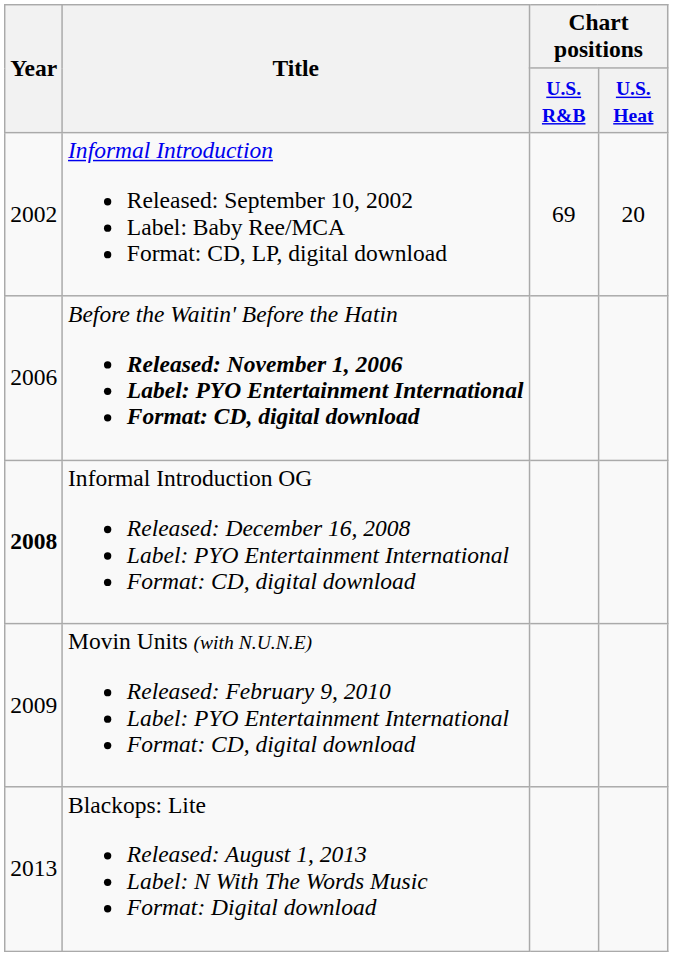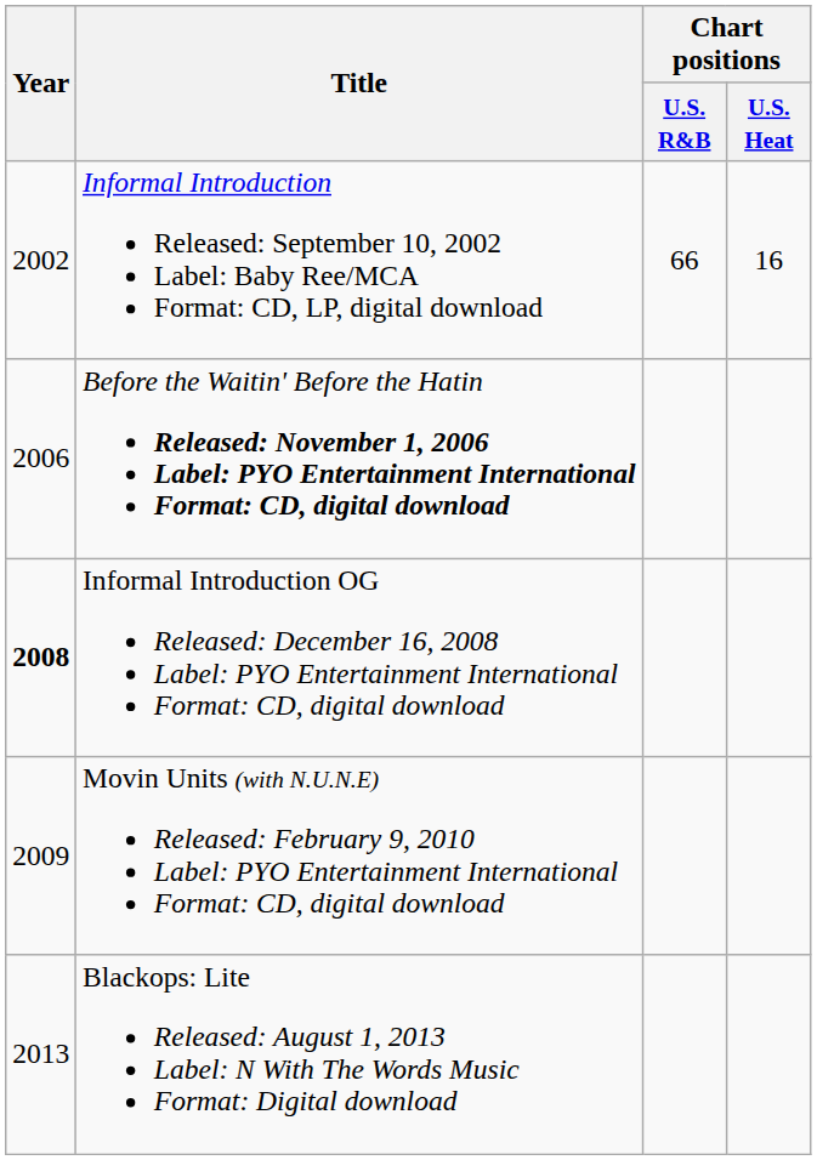 <table class=wikitable>
 <tr>
 <th style="text-align:center;" rowspan="2">Year</th>
 <th style="text-align:center;" rowspan="2">Title</th>
 <th style="text-align:center;" colspan="2">Chart positions</th>
 </tr>
 <tr>
 <th style="text-align:center; width:40px;"><small><a href='#'>U.S. R&B</a></small></th>
 <th style="text-align:center; width:40px;"><small><a href='#'>U.S. Heat</a></small></th>
 </tr>
 <tr>
 <td align=left>2002</td>
 <td align=left><em><a href='#'>Informal Introduction</a></em><br><ul><li>Released: September 10, 2002</li><li>Label: Baby Ree/MCA</li><li>Format: CD, LP, digital download</li></ul></td>
-<td align=center>69</td>
-<td align=center>20</td>
+<td align=center>66</td>
+<td align=center>16</td>
 </tr>
 <tr>
 <td align=left>2006</td>
 <td align=left><em>Before the Waitin' Before the Hatin<strong><br><ul><li>Released: November 1, 2006</li><li>Label: PYO Entertainment International</li><li>Format: CD, digital download</li></ul></td>
 <td align=center></td>
 <td align=center></td>
 </tr>
 <tr>
 <td align=left><strong>2008</strong></td>
 <td align=left></em>Informal Introduction OG<em><br><ul><li>Released: December 16, 2008</li><li>Label: PYO Entertainment International</li><li>Format: CD, digital download</li></ul></td>
 <td align=center></td>
 <td align=center></td>
 </tr>
 <tr>
 <td align=left>2009</td>
 <td align=left></em>Movin Units<em>  <small>(with N.U.N.E)</small><br><ul><li>Released: February 9, 2010</li><li>Label: PYO Entertainment International</li><li>Format: CD, digital download</li></ul></td>
 <td align=center></td>
 <td align=center></td>
 </tr>
 <tr>
 <td align=left>2013</td>
 <td align=left></em>Blackops: Lite<em><br><ul><li>Released: August 1, 2013</li><li>Label: N With The Words Music</li><li>Format: Digital download</li></ul></td>
 <td align=center></td>
 <td align=center></td>
 </tr>
 </table>
